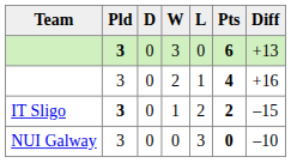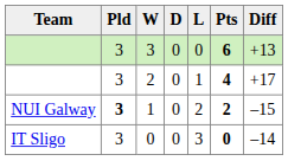 <table style=border-collapse:collapse border=1 cellspacing=0 cellpadding=5>
 <tr align=center bgcolor=#efefef>
 <th>Team</th>
 <th>Pld</th>
+<th>W</th>
 <th>D</th>
-<th>W</th>
 <th>L</th>
 <th>Pts</th>
 <th>Diff</th>
 </tr>
 <tr align=center style="background:#D0F0C0;">
 <td style="text-align:left;"> </td>
-<td><strong>3</strong></td>
+<td>3</td>
+<td>3</td>
 <td>0</td>
-<td>3</td>
 <td>0</td>
 <td><strong>6</strong></td>
 <td>+13</td>
 </tr>
 <tr align=center style="background:#FFFFFF;">
 <td style="text-align:left;"> </td>
 <td>3</td>
+<td>2</td>
 <td>0</td>
-<td>2</td>
 <td>1</td>
 <td><strong>4</strong></td>
-<td>+16</td>
+<td>+17</td>
 </tr>
 <tr align=center style="background:#FFFFFF;">
-<td style="text-align:left;"> <a href='#'>IT Sligo</a></td>
+<td style="text-align:left;"> <a href='#'>NUI Galway</a></td>
 <td><strong>3</strong></td>
+<td>1</td>
 <td>0</td>
-<td>1</td>
 <td>2</td>
 <td><strong>2</strong></td>
 <td>–15</td>
 </tr>
 <tr align=center style="background:#FFFFFF;">
-<td style="text-align:left;"> <a href='#'>NUI Galway</a></td>
+<td style="text-align:left;"> <a href='#'>IT Sligo</a></td>
 <td>3</td>
 <td>0</td>
 <td>0</td>
 <td>3</td>
 <td><strong>0</strong></td>
-<td>–10</td>
+<td>–14</td>
 </tr>
 </table>
